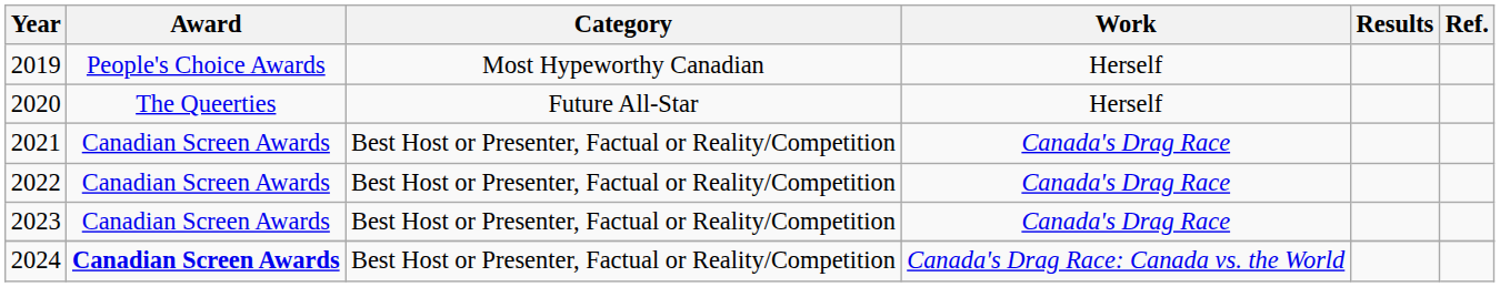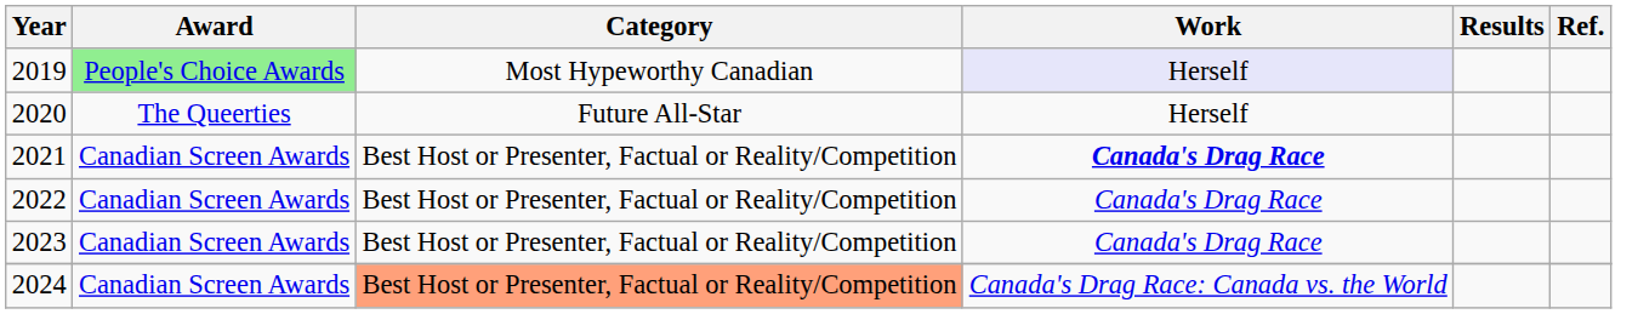 <table class="wikitable sortable" >
 <tr>
 <th>Year</th>
 <th>Award</th>
 <th>Category</th>
 <th>Work</th>
 <th>Results</th>
 <th>Ref.</th>
 </tr>
 <tr>
 <td style="text-align:center">2019</td>
-<td style="text-align:center"><a href='#'>People's Choice Awards</a></td>
+<td style="background: lightgreen; text-align:center"><a href='#'>People's Choice Awards</a></td>
 <td style="text-align:center">Most Hypeworthy Canadian</td>
-<td style="text-align:center">Herself</td>
+<td style="background: lavender; text-align:center">Herself</td>
 <td></td>
 <td style="text-align:center"></td>
 </tr>
 <tr>
 <td style="text-align:center">2020</td>
 <td style="text-align:center"><a href='#'>The Queerties</a></td>
 <td style="text-align:center">Future All-Star</td>
 <td style="text-align:center">Herself</td>
 <td></td>
 <td style="text-align:center"></td>
 </tr>
 <tr>
 <td style="text-align:center">2021</td>
 <td style="text-align:center"><a href='#'>Canadian Screen Awards</a></td>
 <td style="text-align:center">Best Host or Presenter, Factual or Reality/Competition</td>
-<td style="text-align:center"><em><a href='#'>Canada's Drag Race</a></em></td>
+<td style="text-align:center"><strong><em><a href='#'>Canada's Drag Race</a></em></strong></td>
 <td></td>
 <td style="text-align:center"></td>
 </tr>
 <tr>
 <td style="text-align:center">2022</td>
 <td style="text-align:center"><a href='#'>Canadian Screen Awards</a></td>
 <td style="text-align:center">Best Host or Presenter, Factual or Reality/Competition</td>
 <td style="text-align:center"><em><a href='#'>Canada's Drag Race</a></em></td>
 <td></td>
 <td style="text-align:center"></td>
 </tr>
 <tr>
 <td style="text-align:center">2023</td>
 <td style="text-align:center"><a href='#'>Canadian Screen Awards</a></td>
 <td style="text-align:center">Best Host or Presenter, Factual or Reality/Competition</td>
 <td style="text-align:center"><em><a href='#'>Canada's Drag Race</a></em></td>
 <td></td>
 <td style="text-align:center"></td>
 </tr>
 <tr>
 </tr>
 <tr>
 <td style="text-align:center">2024</td>
-<td style="text-align:center"><strong><a href='#'>Canadian Screen Awards</a></strong></td>
-<td style="text-align:center">Best Host or Presenter, Factual or Reality/Competition</td>
+<td style="text-align:center"><a href='#'>Canadian Screen Awards</a></td>
+<td style="background: lightsalmon; text-align:center">Best Host or Presenter, Factual or Reality/Competition</td>
 <td style="text-align:center"><em><a href='#'>Canada's Drag Race: Canada vs. the World</a></em></td>
 <td></td>
 <td style="text-align:center"></td>
 </tr>
 </table>
